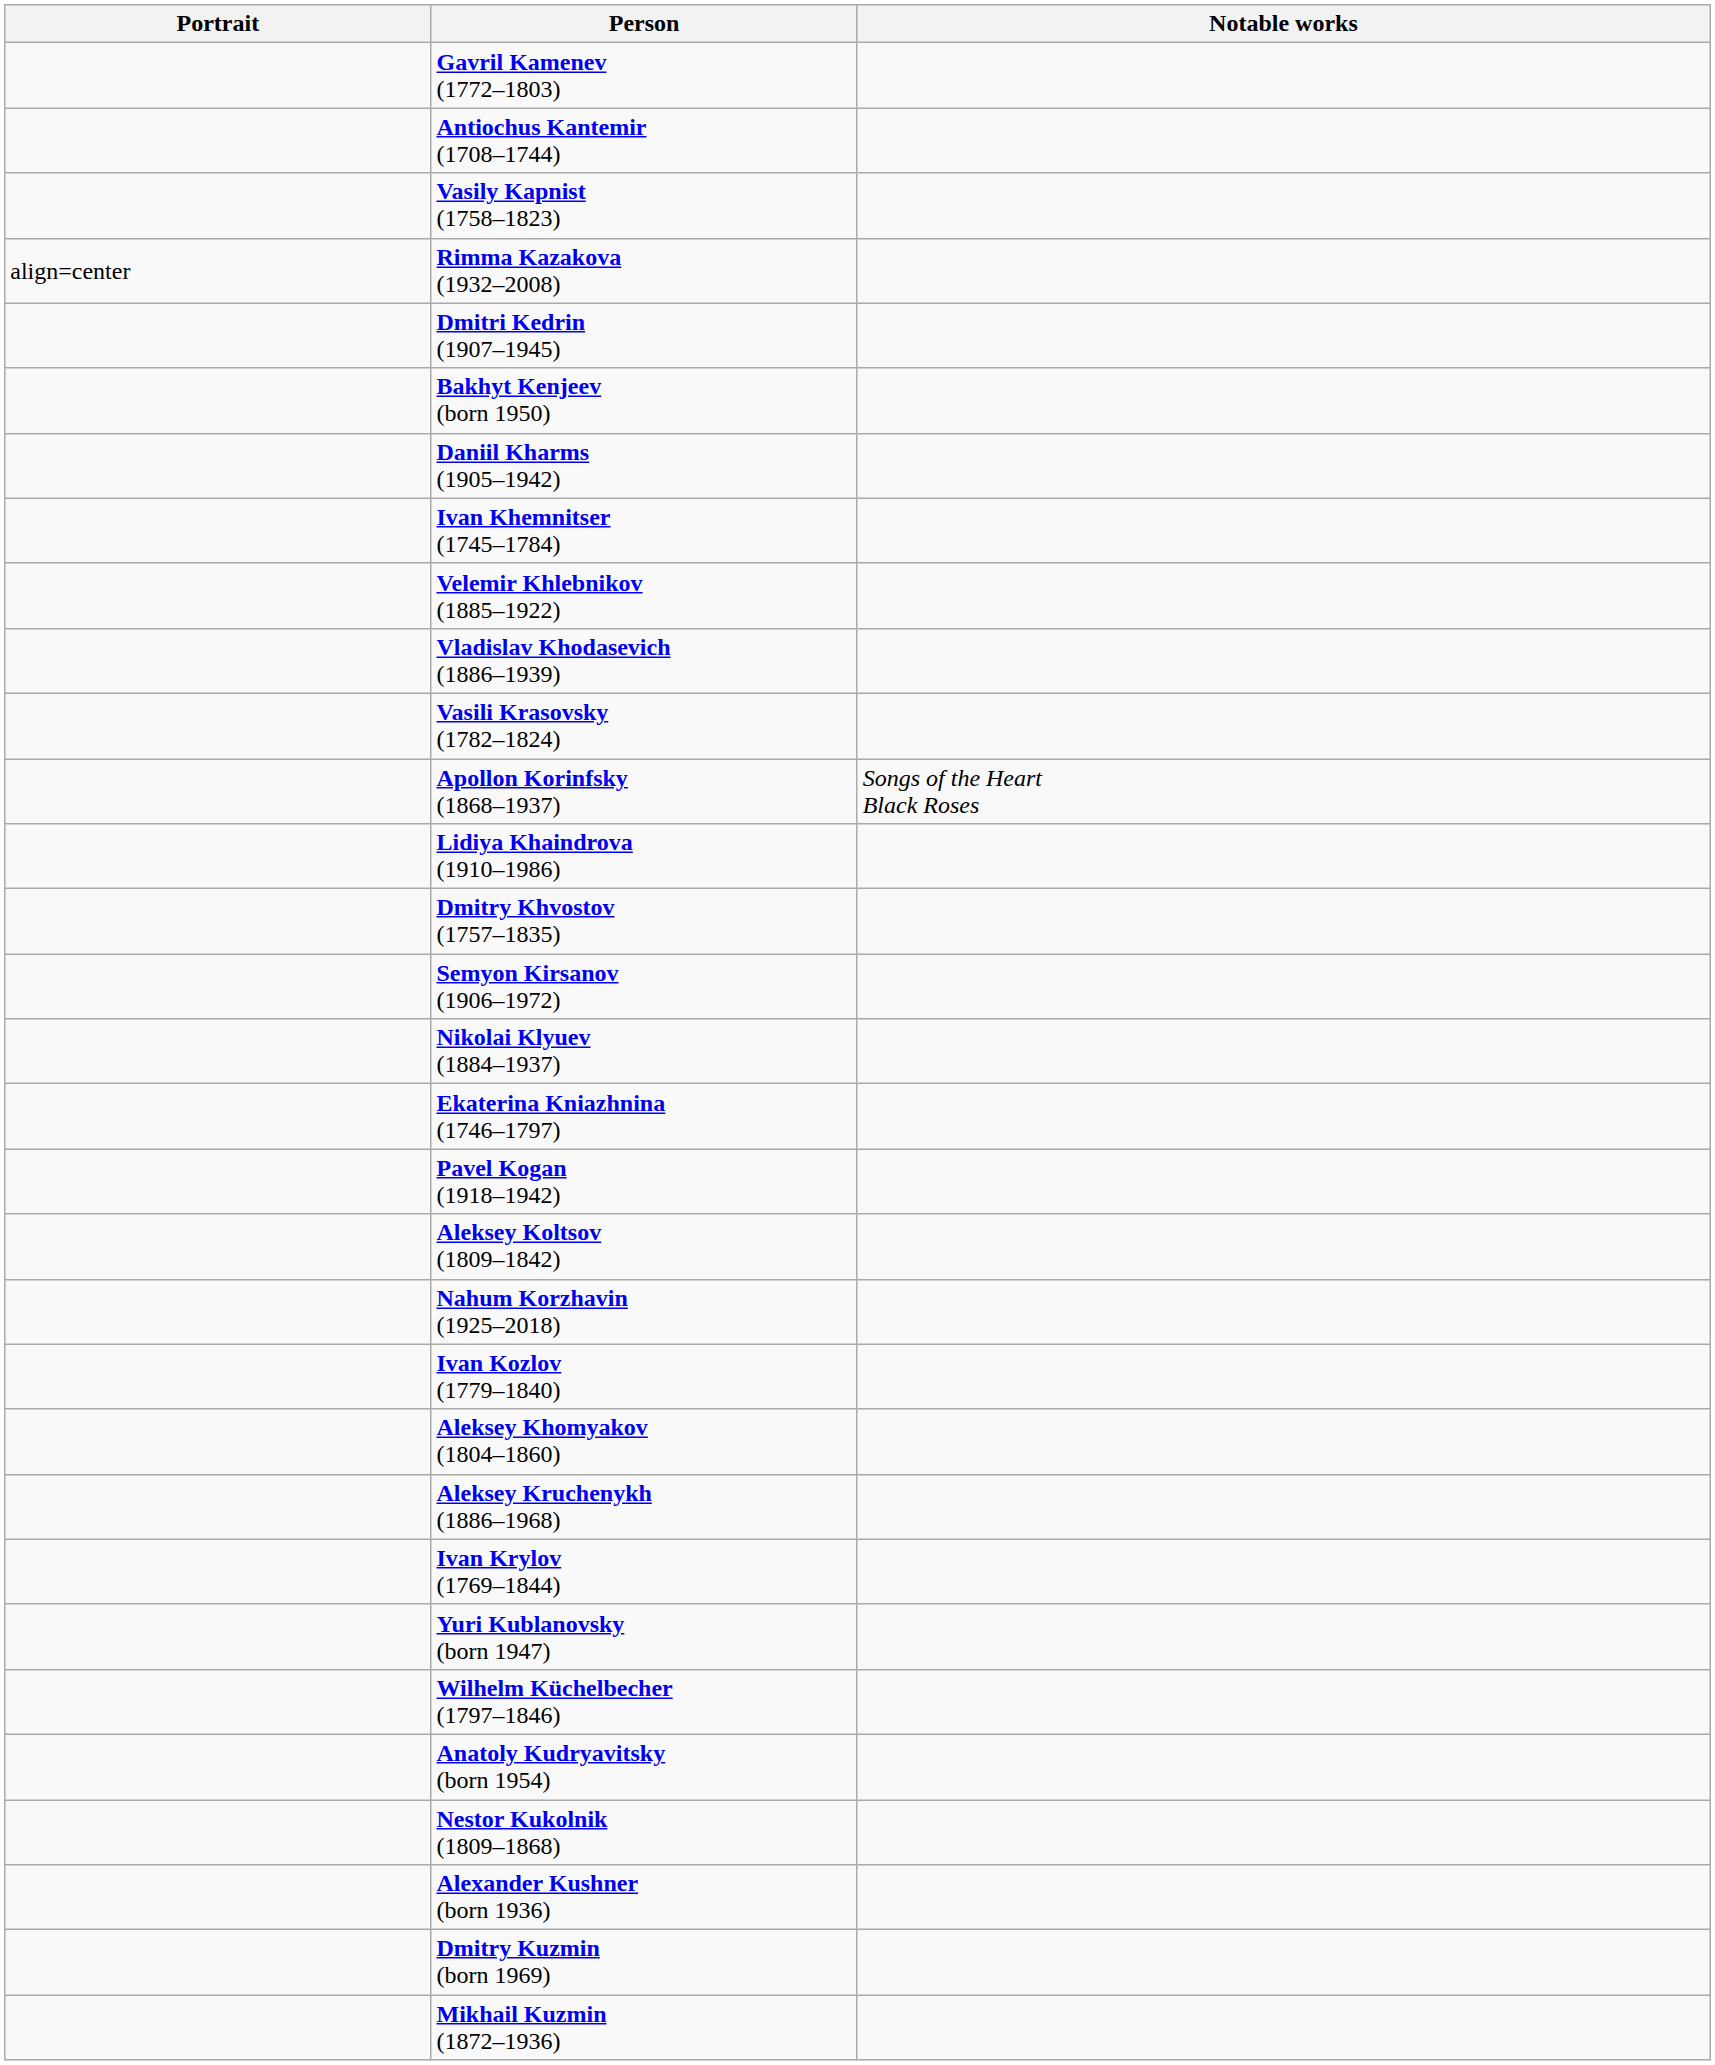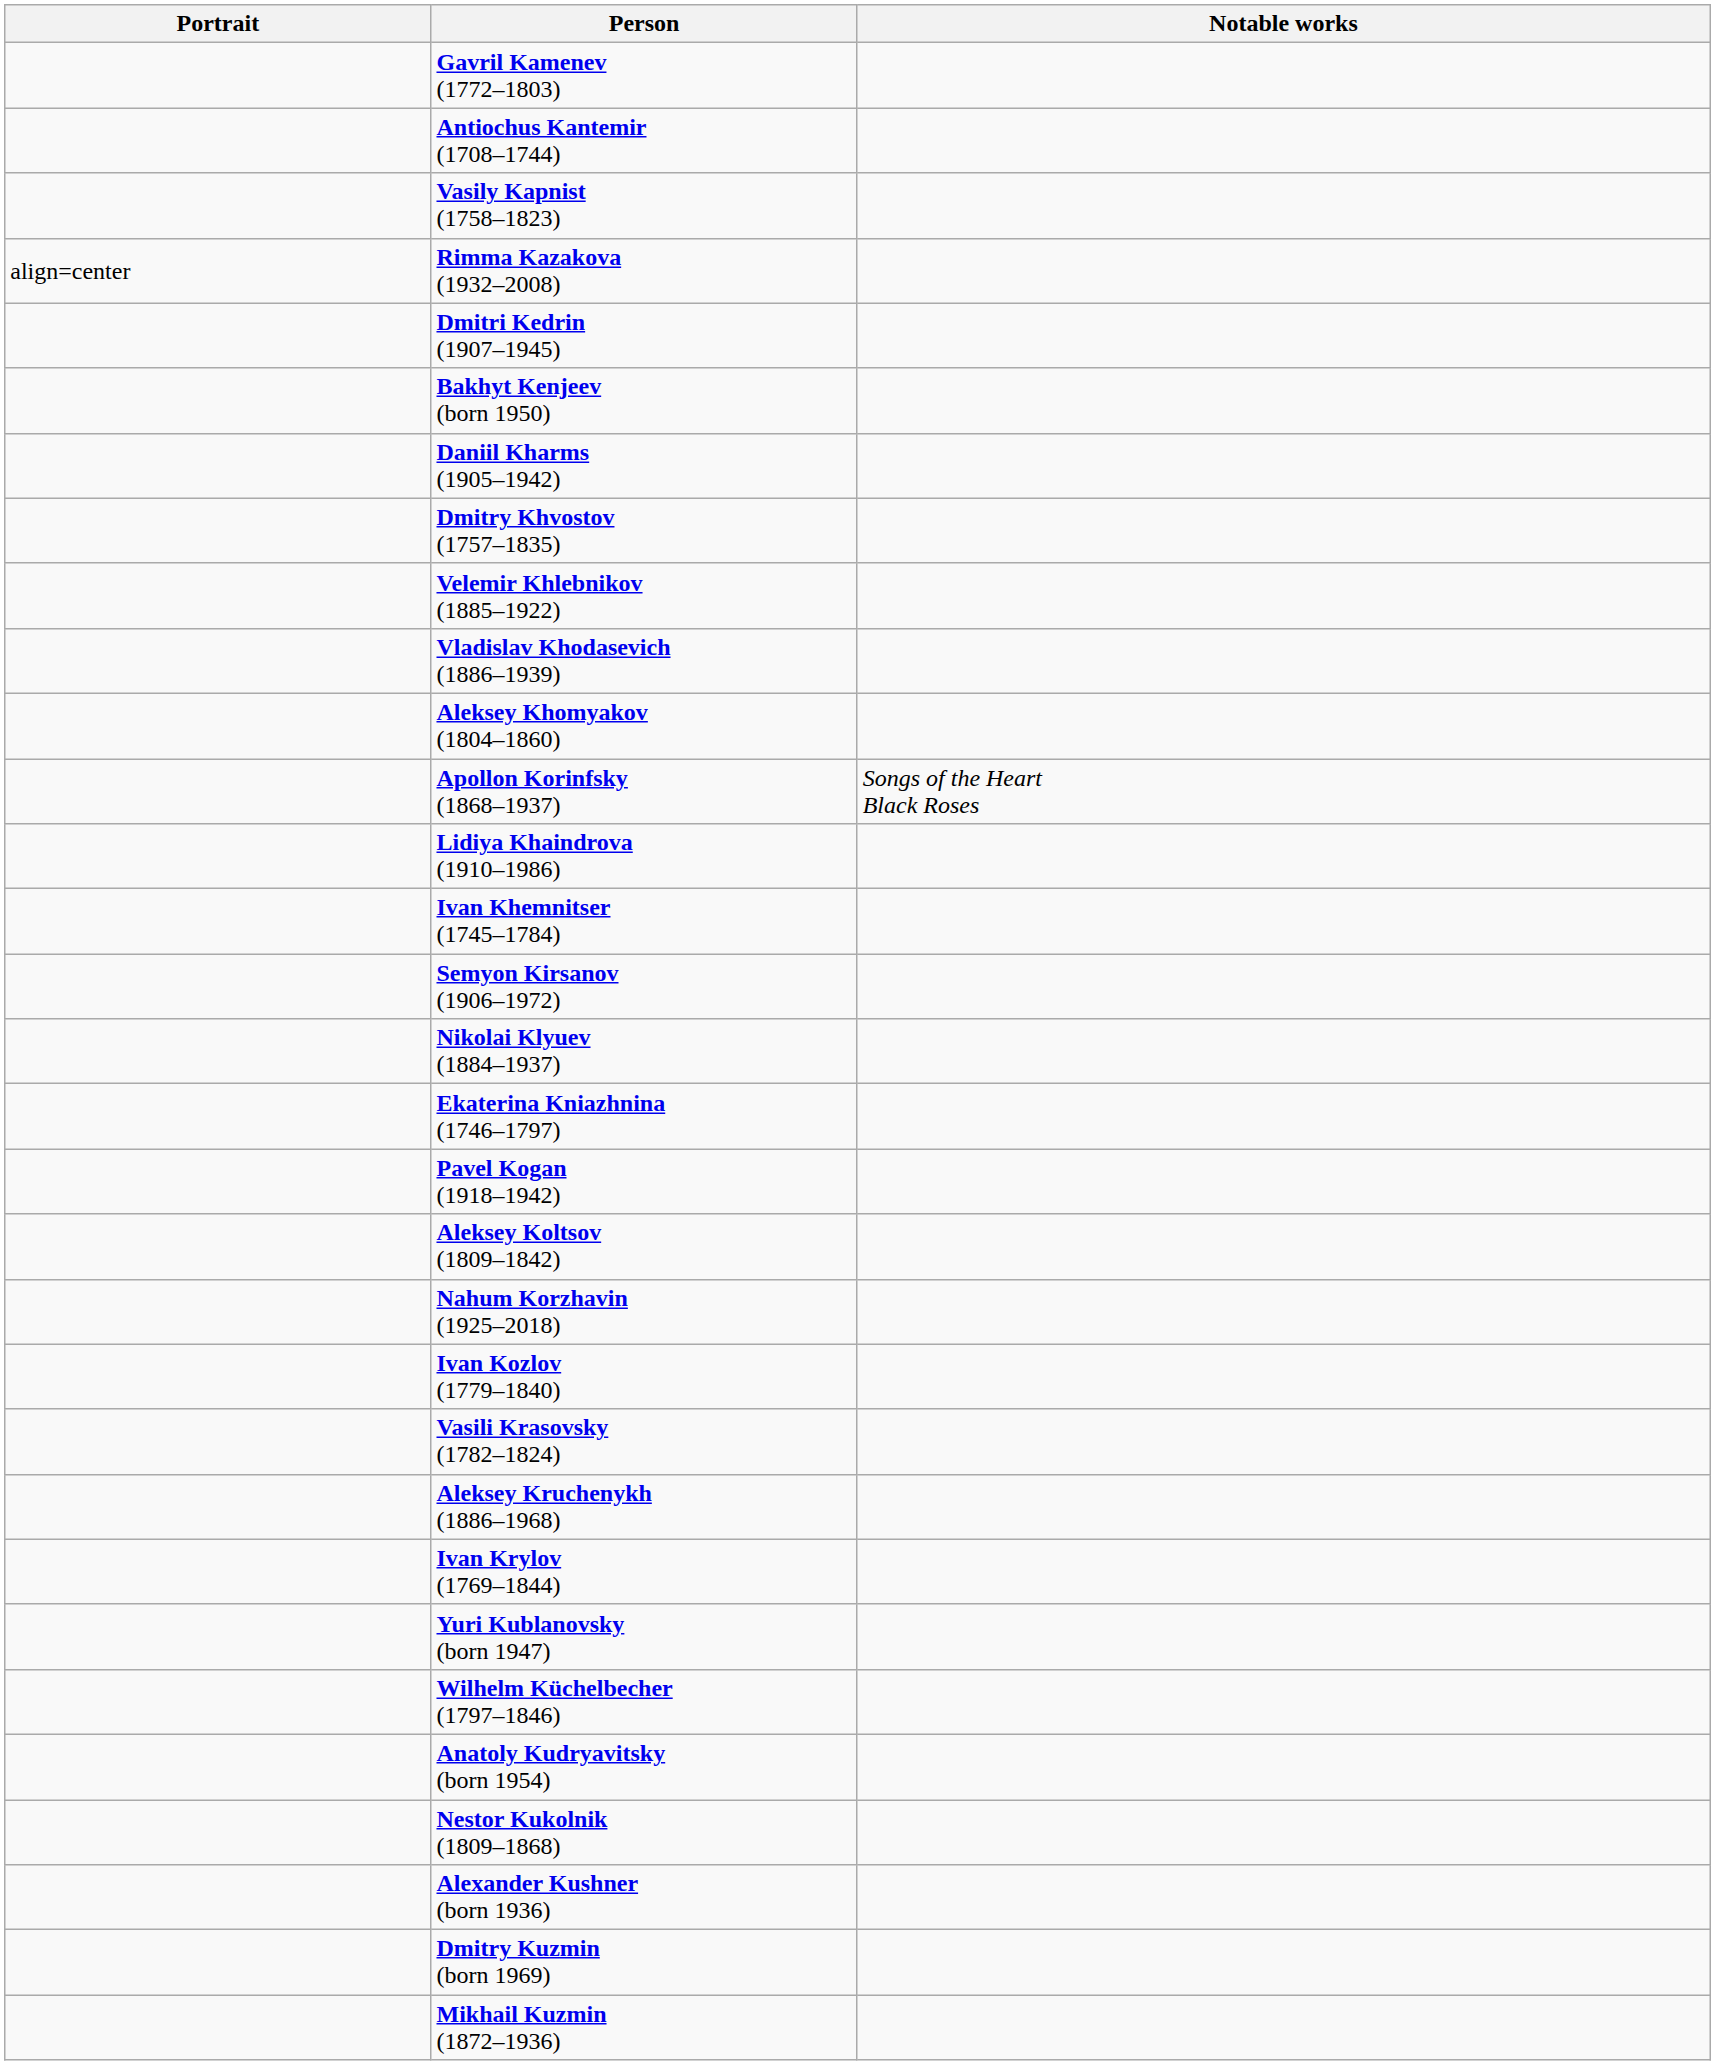 <table class="wikitable" style="width:90%;">
 <tr>
 <th style="width:25%;">Portrait</th>
 <th style="width:25%;">Person</th>
 <th style="width:50%;">Notable works</th>
 </tr>
 <tr>
 <td align=center></td>
 <td><strong><a href='#'>Gavril Kamenev</a></strong><br> (1772–1803)</td>
 <td></td>
 </tr>
 <tr>
 <td align=center></td>
 <td><strong><a href='#'>Antiochus Kantemir</a></strong><br> (1708–1744)</td>
 <td></td>
 </tr>
 <tr>
 <td align=center></td>
 <td><strong><a href='#'>Vasily Kapnist</a></strong><br> (1758–1823)</td>
 <td></td>
 </tr>
 <tr>
 <td>align=center</td>
 <td><strong><a href='#'>Rimma Kazakova</a></strong><br> (1932–2008)</td>
 <td></td>
 </tr>
 <tr>
 <td align=center></td>
 <td><strong><a href='#'>Dmitri Kedrin</a></strong><br> (1907–1945)</td>
 <td></td>
 </tr>
 <tr>
 <td align=center></td>
 <td><strong><a href='#'>Bakhyt Kenjeev</a></strong> <br>(born 1950)</td>
 <td></td>
 </tr>
 <tr>
 <td align=center></td>
 <td><strong><a href='#'>Daniil Kharms</a></strong><br> (1905–1942)</td>
 <td></td>
 </tr>
 <tr>
 <td align=center></td>
-<td><strong><a href='#'>Ivan Khemnitser</a></strong><br> (1745–1784)</td>
+<td><strong><a href='#'>Dmitry Khvostov</a></strong><br>(1757–1835)</td>
 <td></td>
 </tr>
 <tr>
 <td align=center></td>
 <td><strong><a href='#'>Velemir Khlebnikov</a></strong><br> (1885–1922)</td>
 <td></td>
 </tr>
 <tr>
 <td align=center></td>
 <td><strong><a href='#'>Vladislav Khodasevich</a></strong> <br>(1886–1939)</td>
 <td></td>
 </tr>
 <tr>
-<td></td>
-<td><strong><a href='#'>Vasili Krasovsky</a></strong><br> (1782–1824)</td>
+<td align=center></td>
+<td><strong><a href='#'>Aleksey Khomyakov</a></strong> <br>(1804–1860)</td>
 <td></td>
 </tr>
 <tr>
 <td align=center></td>
 <td><strong><a href='#'>Apollon Korinfsky</a></strong><br>(1868–1937)</td>
 <td><em>Songs of the Heart</em><br><em>Black Roses</em></td>
 </tr>
 <tr>
 <td align=center></td>
 <td><strong><a href='#'>Lidiya Khaindrova</a></strong><br>(1910–1986)</td>
 <td></td>
 </tr>
 <tr>
 <td align=center></td>
-<td><strong><a href='#'>Dmitry Khvostov</a></strong><br>(1757–1835)</td>
+<td><strong><a href='#'>Ivan Khemnitser</a></strong><br> (1745–1784)</td>
 <td></td>
 </tr>
 <tr>
 <td align=center></td>
 <td><strong><a href='#'>Semyon Kirsanov</a></strong><br> (1906–1972)</td>
 <td></td>
 </tr>
 <tr>
 <td align=center></td>
 <td><strong><a href='#'>Nikolai Klyuev</a></strong> <br>(1884–1937)</td>
 <td></td>
 </tr>
 <tr>
 <td align=center></td>
 <td><strong><a href='#'>Ekaterina Kniazhnina</a></strong><br> (1746–1797)</td>
 <td></td>
 </tr>
 <tr>
 <td align=center></td>
 <td><strong><a href='#'>Pavel Kogan</a></strong><br> (1918–1942)</td>
 <td></td>
 </tr>
 <tr>
 <td align=center></td>
 <td><strong><a href='#'>Aleksey Koltsov</a></strong> <br>(1809–1842)</td>
 <td></td>
 </tr>
 <tr>
 <td align=center></td>
 <td><strong><a href='#'>Nahum Korzhavin</a></strong><br> (1925–2018)</td>
 <td></td>
 </tr>
 <tr>
 <td align=center></td>
 <td><strong><a href='#'>Ivan Kozlov</a></strong><br> (1779–1840)</td>
 <td></td>
 </tr>
 <tr>
-<td align=center></td>
-<td><strong><a href='#'>Aleksey Khomyakov</a></strong> <br>(1804–1860)</td>
+<td></td>
+<td><strong><a href='#'>Vasili Krasovsky</a></strong><br> (1782–1824)</td>
 <td></td>
 </tr>
 <tr>
 <td align=center></td>
 <td><strong><a href='#'>Aleksey Kruchenykh</a></strong> <br>(1886–1968)</td>
 <td></td>
 </tr>
 <tr>
 <td align=center></td>
 <td><strong><a href='#'>Ivan Krylov</a></strong> <br>(1769–1844)</td>
 <td></td>
 </tr>
 <tr>
 <td align=center></td>
 <td><strong><a href='#'>Yuri Kublanovsky</a></strong><br> (born 1947)</td>
 <td></td>
 </tr>
 <tr>
 <td align=center></td>
 <td><strong><a href='#'>Wilhelm Küchelbecher</a></strong><br> (1797–1846)</td>
 <td></td>
 </tr>
 <tr>
 <td align=center></td>
 <td><strong><a href='#'>Anatoly Kudryavitsky</a></strong><br> (born 1954)</td>
 <td></td>
 </tr>
 <tr>
 <td align=center></td>
 <td><strong><a href='#'>Nestor Kukolnik</a></strong><br> (1809–1868)</td>
 <td></td>
 </tr>
 <tr>
 <td align=center></td>
 <td><strong><a href='#'>Alexander Kushner</a></strong><br> (born 1936)</td>
 <td></td>
 </tr>
 <tr>
 <td align=center></td>
 <td><strong><a href='#'>Dmitry Kuzmin</a></strong><br> (born 1969)</td>
 <td></td>
 </tr>
 <tr>
 <td align=center></td>
 <td><strong><a href='#'>Mikhail Kuzmin</a></strong><br> (1872–1936)</td>
 <td></td>
 </tr>
 </table>
